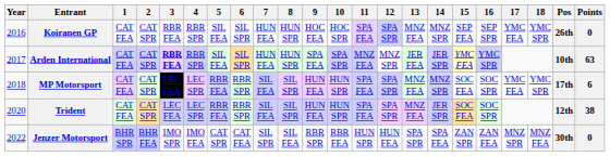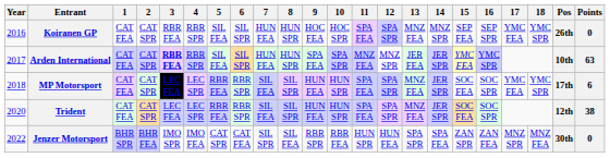 <table class="wikitable" style="text-align:center; font-size:85%">
 <tr>
 <th>Year</th>
 <th>Entrant</th>
 <th>1</th>
 <th>2</th>
 <th>3</th>
 <th>4</th>
 <th>5</th>
 <th>6</th>
 <th>7</th>
 <th>8</th>
 <th>9</th>
 <th>10</th>
 <th>11</th>
 <th>12</th>
 <th>13</th>
 <th>14</th>
 <th>15</th>
 <th>16</th>
 <th>17</th>
 <th>18</th>
 <th>Pos</th>
 <th>Points</th>
 </tr>
 <tr>
 <td><a href='#'>2016</a></td>
 <th nowrap><a href='#'>Koiranen GP</a></th>
 <td><a href='#'>CAT<br>FEA</a></td>
 <td><a href='#'>CAT<br>SPR</a></td>
 <td><a href='#'>RBR<br>FEA</a></td>
 <td><a href='#'>RBR<br>SPR</a></td>
 <td><a href='#'>SIL<br>FEA</a></td>
 <td><a href='#'>SIL<br>SPR</a></td>
 <td><a href='#'>HUN<br>FEA</a></td>
 <td><a href='#'>HUN<br>SPR</a></td>
 <td><a href='#'>HOC<br>FEA</a></td>
 <td><a href='#'>HOC<br>SPR</a></td>
 <td style="background:#EFCFFF;"><a href='#'>SPA<br>FEA</a><br></td>
 <td style="background:#CFCFFF;"><a href='#'>SPA<br>SPR</a><br></td>
 <td><a href='#'>MNZ<br>FEA</a></td>
 <td><a href='#'>MNZ<br>SPR</a></td>
 <td><a href='#'>SEP<br>FEA</a></td>
 <td><a href='#'>SEP<br>SPR</a></td>
 <td><a href='#'>YMC<br>FEA</a></td>
 <td><a href='#'>YMC<br>SPR</a></td>
 <th>26th</th>
 <th>0</th>
 </tr>
 <tr>
 <td><a href='#'>2017</a></td>
 <th nowrap><a href='#'>Arden International</a></th>
 <td style="background:#CFCFFF;"><a href='#'>CAT<br>FEA</a><br></td>
 <td style="background:#CFCFFF;"><a href='#'>CAT<br>SPR</a><br></td>
 <td style="background:#EFCFFF;"><strong><a href='#'>RBR<br>FEA</a><br></strong></td>
 <td style="background:#CFCFFF;"><a href='#'>RBR<br>SPR</a><br></td>
 <td style="background:#DFFFDF;"><a href='#'>SIL<br>FEA</a><br></td>
 <td style="background:#FFDF9F;"><a href='#'>SIL<br>SPR</a><br></td>
 <td style="background:#DFFFDF;"><a href='#'>HUN<br>FEA</a><br></td>
 <td style="background:#DFFFDF;"><a href='#'>HUN<br>SPR</a><br></td>
 <td style="background:#DFFFDF;"><a href='#'>SPA<br>FEA</a><br></td>
 <td style="background:#CFCFFF;"><a href='#'>SPA<br>SPR</a><br></td>
 <td style="background:#CFCFFF;"><a href='#'>MNZ<br>FEA</a><br></td>
 <td style="background:#FFFFFF;"><a href='#'>MNZ<br>SPR</a><br></td>
 <td style="background:#DFFFDF;"><a href='#'>JER<br>FEA</a><br></td>
 <td style="background:#CFCFFF;"><a href='#'>JER<br>SPR</a><br></td>
 <td style="background:#FFFFBF;"><em><a href='#'>YMC<br>FEA</a></em><br></td>
 <td style="background:#CFCFFF;"><a href='#'>YMC<br>SPR</a><br></td>
 <td colspan=2></td>
 <th>10th</th>
 <th>63</th>
 </tr>
 <tr>
 <td><a href='#'>2018</a></td>
 <th nowrap><a href='#'>MP Motorsport</a></th>
 <td style="background:#EFCFFF;"><a href='#'>CAT<br>FEA</a><br></td>
 <td style="background:#DFFFDF;"><a href='#'>CAT<br>SPR</a><br></td>
 <td style="background-color:#000000;color:white"><a href='#'><span>LEC<br>FEA</span></a><br></td>
 <td style="background:#EFCFFF;"><a href='#'>LEC<br>SPR</a><br></td>
 <td style="background:#CFCFFF;"><a href='#'>RBR<br>FEA</a><br></td>
 <td style="background:#DFFFDF;"><a href='#'>RBR<br>SPR</a><br></td>
 <td style="background:#CFCFFF;"><a href='#'>SIL<br>FEA</a><br></td>
 <td style="background:#EFCFFF;"><a href='#'>SIL<br>SPR</a><br></td>
 <td style="background:#EFCFFF;"><a href='#'>HUN<br>FEA</a><br></td>
 <td style="background:#EFCFFF;"><a href='#'>HUN<br>SPR</a><br></td>
 <td style="background:#CFCFFF;"><a href='#'>SPA<br>FEA</a><br></td>
 <td style="background:#CFCFFF;"><a href='#'>SPA<br>SPR</a><br></td>
 <td style="background:#DFFFDF;"><a href='#'>MNZ<br>FEA</a><br></td>
-<td style="background:#CFCFFF;"><a href='#'>MNZ<br>SPR</a><br></td>
+<td style="background:#CFCFFF;"><a href='#'>JER<br>SPR</a><br></td>
 <td><a href='#'>SOC<br>FEA</a></td>
 <td><a href='#'>SOC<br>SPR</a></td>
 <td><a href='#'>YMC<br>FEA</a></td>
 <td><a href='#'>YMC<br>SPR</a></td>
 <th>17th</th>
 <th>6</th>
 </tr>
 <tr>
 <td><a href='#'>2020</a></td>
 <th nowrap><a href='#'>Trident</a></th>
 <td style="background:#DFFFDF;"><a href='#'>CAT<br>FEA</a><br></td>
 <td style="background:#FFDF9F;"><a href='#'>CAT<br>SPR</a><br></td>
 <td style="background:#CFCFFF;"><a href='#'>LEC<br>FEA</a><br></td>
 <td style="background:#CFCFFF;"><a href='#'>LEC<br>SPR</a><br></td>
 <td style="background:#CFCFFF;"><a href='#'>RBR<br>FEA</a><br></td>
 <td style="background:#DFFFDF;"><a href='#'>RBR<br>SPR</a><br></td>
 <td style="background:#CFCFFF;"><a href='#'>SIL<br>FEA</a><br></td>
 <td style="background:#CFCFFF;"><a href='#'>SIL<br>SPR</a><br></td>
 <td style="background:#CFCFFF;"><a href='#'>HUN<br>FEA</a><br></td>
 <td style="background:#CFCFFF;"><a href='#'>HUN<br>SPR</a><br></td>
 <td style="background:#CFCFFF;"><a href='#'>SPA<br>FEA</a><br></td>
 <td style="background:#EFCFFF;"><a href='#'>SPA<br>SPR</a><br></td>
 <td style="background:#EFCFFF;"><a href='#'>MNZ<br>FEA</a><br></td>
 <td style="background:#CFCFFF;"><a href='#'>JER<br>SPR</a><br></td>
 <td style="background:#FFDF9F;"><a href='#'>SOC<br>FEA</a><br></td>
 <td style="background:#DFFFDF;"><a href='#'>SOC<br>SPR</a><br></td>
 <td colspan=2></td>
 <th>12th</th>
 <th>38</th>
 </tr>
 <tr>
 <td><a href='#'>2022</a></td>
 <th nowrap><a href='#'>Jenzer Motorsport</a></th>
 <td style="background:#cfcfff;#"><a href='#'>BHR<br>SPR</a><br></td>
 <td style="background:#cfcfff;#"><a href='#'>BHR<br>FEA</a><br></td>
 <td style="background:#;#"><a href='#'>IMO<br>SPR</a></td>
 <td style="background:#;#"><a href='#'>IMO<br>FEA</a></td>
 <td style="background:#;#"><a href='#'>CAT<br>SPR</a></td>
 <td style="background:#;#"><a href='#'>CAT<br>FEA</a></td>
 <td style="background:#;#"><a href='#'>SIL<br>SPR</a></td>
 <td style="background:#;#"><a href='#'>SIL<br>FEA</a></td>
 <td style="background:#;#"><a href='#'>RBR<br>SPR</a></td>
 <td style="background:#;#"><a href='#'>RBR<br>FEA</a></td>
 <td style="background:#;#"><a href='#'>HUN<br>SPR</a></td>
 <td style="background:#;#"><a href='#'>HUN<br>FEA</a></td>
 <td style="background:#;#"><a href='#'>SPA<br>SPR</a></td>
 <td style="background:#;#"><a href='#'>SPA<br>FEA</a></td>
 <td style="background:#;#"><a href='#'>ZAN<br>SPR</a></td>
 <td style="background:#;#"><a href='#'>ZAN<br>FEA</a></td>
 <td style="background:#;#"><a href='#'>MNZ<br>SPR</a></td>
 <td style="background:#;#"><a href='#'>MNZ<br>FEA</a></td>
 <th>30th</th>
 <th>0</th>
 </tr>
 </table>
